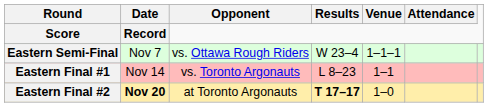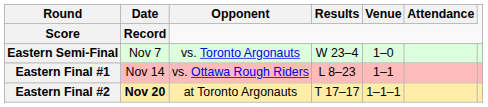 <table class="wikitable" style="text-align:center">
 <tr>
 <th>Round</th>
 <th>Date</th>
 <th>Opponent</th>
 <th>Results</th>
 <th>Venue</th>
 <th>Attendance</th>
 </tr>
 <tr>
 <th>Score</th>
 <th>Record</th>
 </tr>
 <tr style="background:#ddffdd">
 <th>Eastern Semi-Final</th>
 <td>Nov 7</td>
-<td>vs. <a href='#'>Ottawa Rough Riders</a></td>
+<td>vs. <a href='#'>Toronto Argonauts</a></td>
 <td>W 23–4</td>
-<td>1–1–1</td>
+<td>1–0</td>
 <td></td>
 <td></td>
 </tr>
 <tr style="background:#ffbbbb">
 <th>Eastern Final #1</th>
 <td>Nov 14</td>
-<td>vs. <a href='#'>Toronto Argonauts</a></td>
+<td>vs. <a href='#'>Ottawa Rough Riders</a></td>
 <td>L 8–23</td>
 <td>1–1</td>
 <td></td>
 <td></td>
 </tr>
 <tr style="background:#ffeeaa">
 <th>Eastern Final #2</th>
 <td><strong>Nov 20</strong></td>
 <td>at Toronto Argonauts</td>
-<td><strong>T 17–17</strong></td>
-<td>1–0</td>
+<td>T 17–17</td>
+<td>1–1–1</td>
 <td></td>
 <td></td>
 </tr>
 </table>
